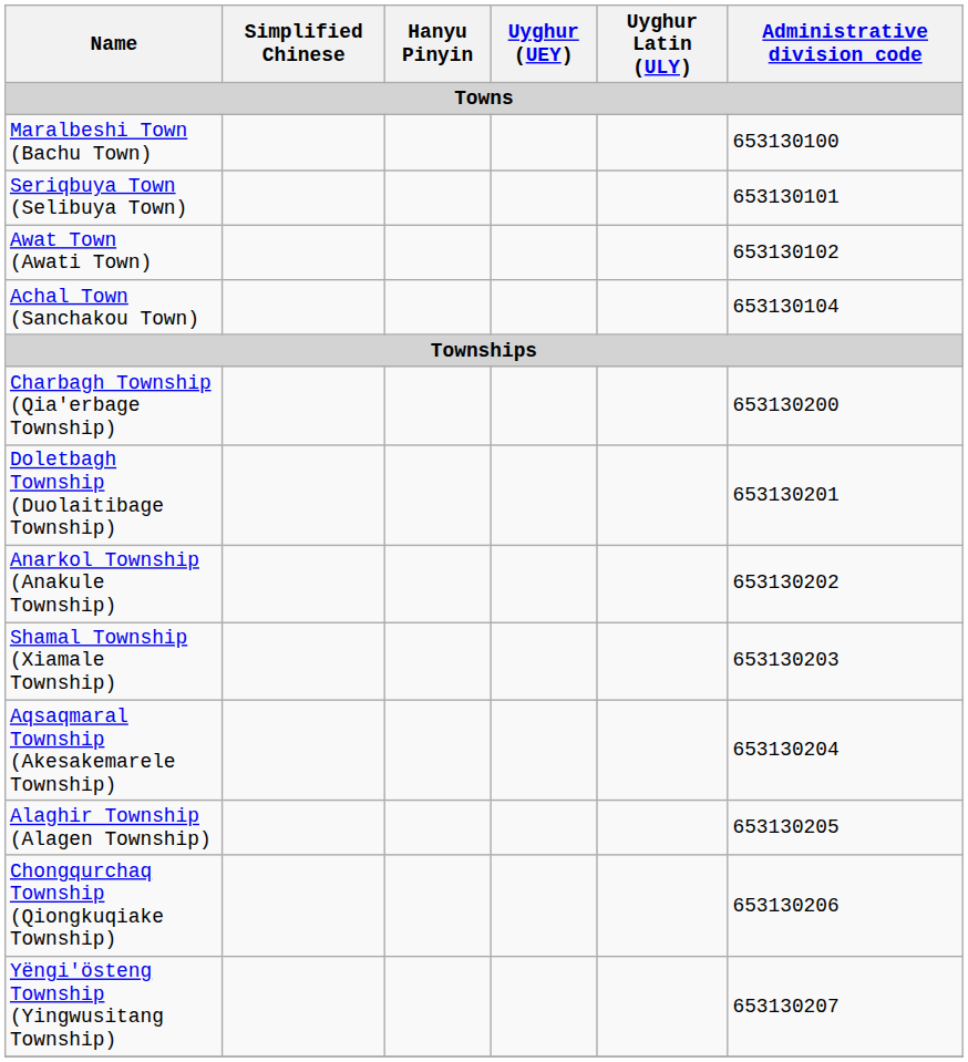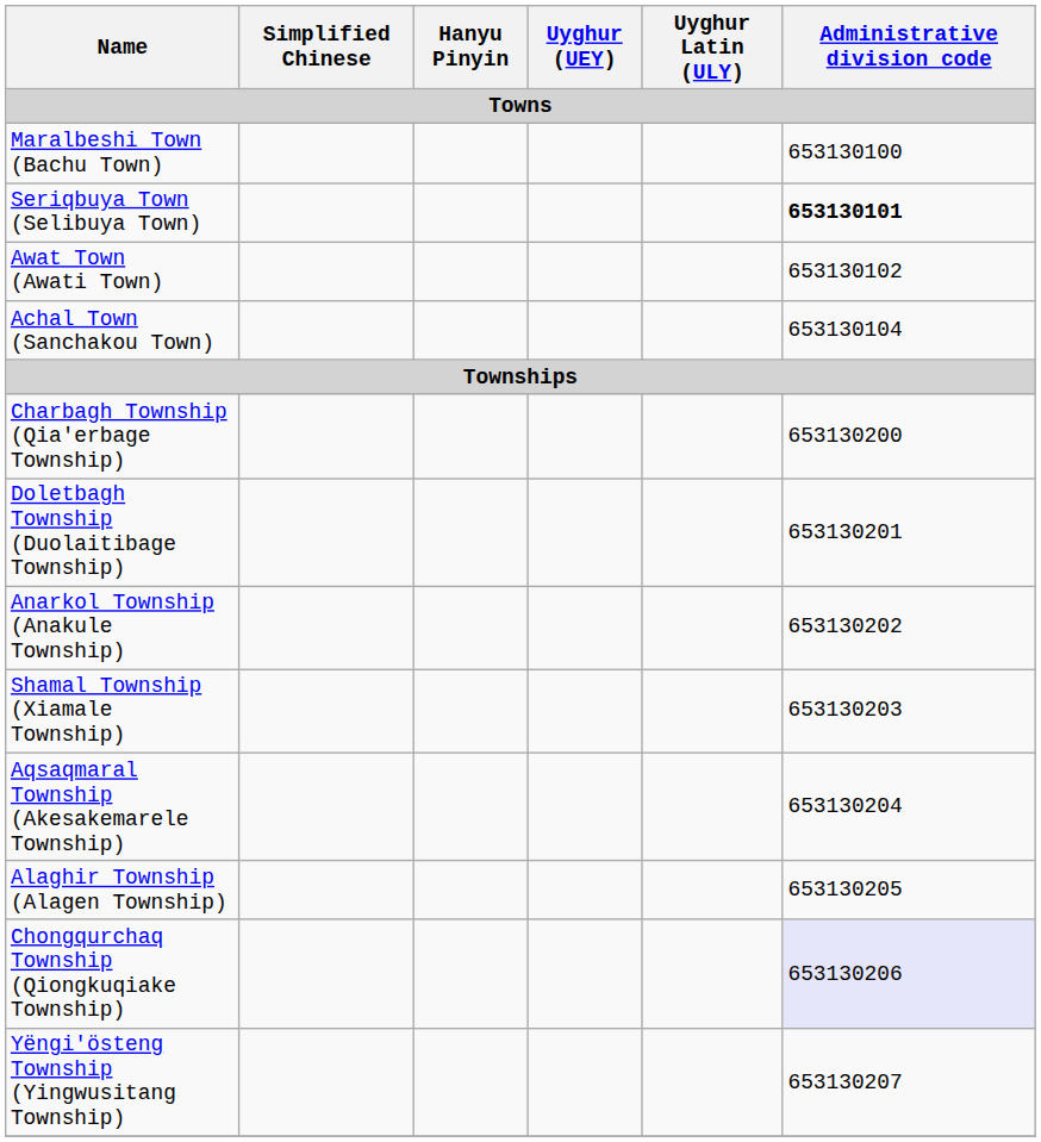 <table class="wikitable" align="center" style="width:50%; border="1">
 <tr>
 <th>Name</th>
 <th>Simplified Chinese</th>
 <th>Hanyu Pinyin</th>
 <th><a href='#'>Uyghur</a> (<a href='#'>UEY</a>)</th>
 <th>Uyghur Latin (<a href='#'>ULY</a>)</th>
 <th><a href='#'>Administrative division code</a></th>
 </tr>
 <tr>
 <td colspan="7"  style="text-align:center; background:#d3d3d3;"><strong>Towns</strong></td>
 </tr>
 <tr --------->
 <td><a href='#'>Maralbeshi Town</a><br>(Bachu Town)</td>
 <td></td>
 <td></td>
 <td></td>
 <td></td>
 <td>653130100</td>
 </tr>
 <tr>
 <td><a href='#'>Seriqbuya Town</a><br>(Selibuya Town)</td>
 <td></td>
 <td></td>
 <td></td>
 <td></td>
-<td>653130101</td>
+<td><strong>653130101</strong></td>
 </tr>
 <tr>
 <td><a href='#'>Awat Town</a><br>(Awati Town)</td>
 <td></td>
 <td></td>
 <td></td>
 <td></td>
 <td>653130102</td>
 </tr>
 <tr>
 <td><a href='#'>Achal Town</a><br>(Sanchakou Town)</td>
 <td></td>
 <td></td>
 <td></td>
 <td></td>
 <td>653130104</td>
 </tr>
 <tr --------->
 <td colspan="7"  style="text-align:center; background:#d3d3d3;"><strong>Townships</strong></td>
 </tr>
 <tr --------->
 <td><a href='#'>Charbagh Township</a><br>(Qia'erbage Township)</td>
 <td></td>
 <td></td>
 <td></td>
 <td></td>
 <td>653130200</td>
 </tr>
 <tr>
 <td><a href='#'>Doletbagh Township</a><br>(Duolaitibage Township)</td>
 <td></td>
 <td></td>
 <td></td>
 <td></td>
 <td>653130201</td>
 </tr>
 <tr>
 <td><a href='#'>Anarkol Township</a><br>(Anakule Township)</td>
 <td></td>
 <td></td>
 <td></td>
 <td></td>
 <td>653130202</td>
 </tr>
 <tr>
 <td><a href='#'>Shamal Township</a><br>(Xiamale Township)</td>
 <td></td>
 <td></td>
 <td></td>
 <td></td>
 <td>653130203</td>
 </tr>
 <tr>
 <td><a href='#'>Aqsaqmaral Township</a><br>(Akesakemarele Township)</td>
 <td></td>
 <td></td>
 <td></td>
 <td></td>
 <td>653130204</td>
 </tr>
 <tr>
 <td><a href='#'>Alaghir Township</a><br>(Alagen Township)</td>
 <td></td>
 <td></td>
 <td></td>
 <td></td>
 <td>653130205</td>
 </tr>
 <tr>
 <td><a href='#'>Chongqurchaq Township</a><br>(Qiongkuqiake Township)</td>
 <td></td>
 <td></td>
 <td></td>
 <td></td>
-<td>653130206</td>
+<td style="background: lavender;">653130206</td>
 </tr>
 <tr>
 <td><a href='#'>Yëngi'östeng Township</a><br>(Yingwusitang Township)</td>
 <td></td>
 <td></td>
 <td></td>
 <td></td>
 <td>653130207</td>
 </tr>
 <tr>
 </tr>
 </table>
